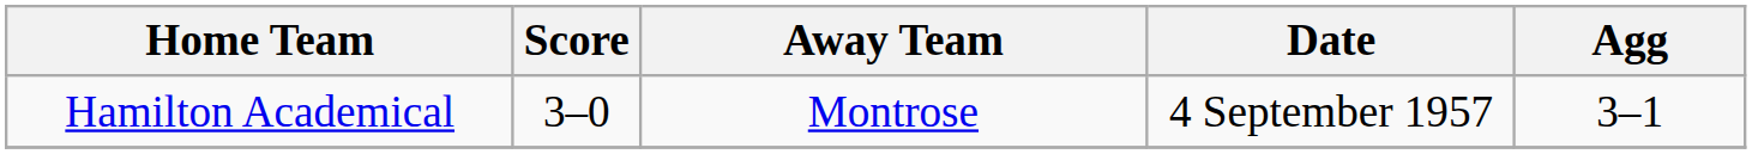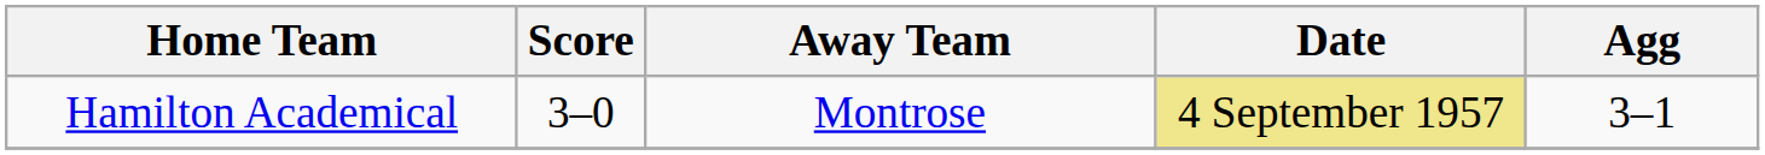 <table class="wikitable" style="text-align:center;">
 <tr>
 <th width=175>Home Team</th>
 <th width=20>Score</th>
 <th width=175>Away Team</th>
 <th width= 125>Date</th>
 <th width= 75>Agg</th>
 </tr>
 <tr>
 <td><a href='#'>Hamilton Academical</a></td>
 <td>3–0</td>
 <td><a href='#'>Montrose</a></td>
-<td>4 September 1957</td>
+<td style="background: khaki;">4 September 1957</td>
 <td>3–1</td>
 </tr>
 <tr>
 </tr>
 </table>
